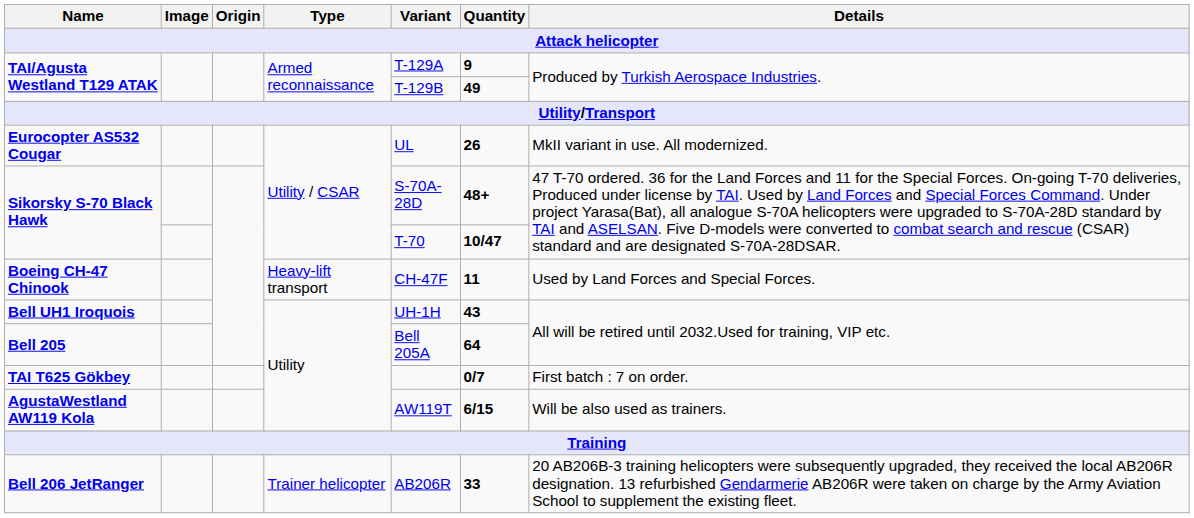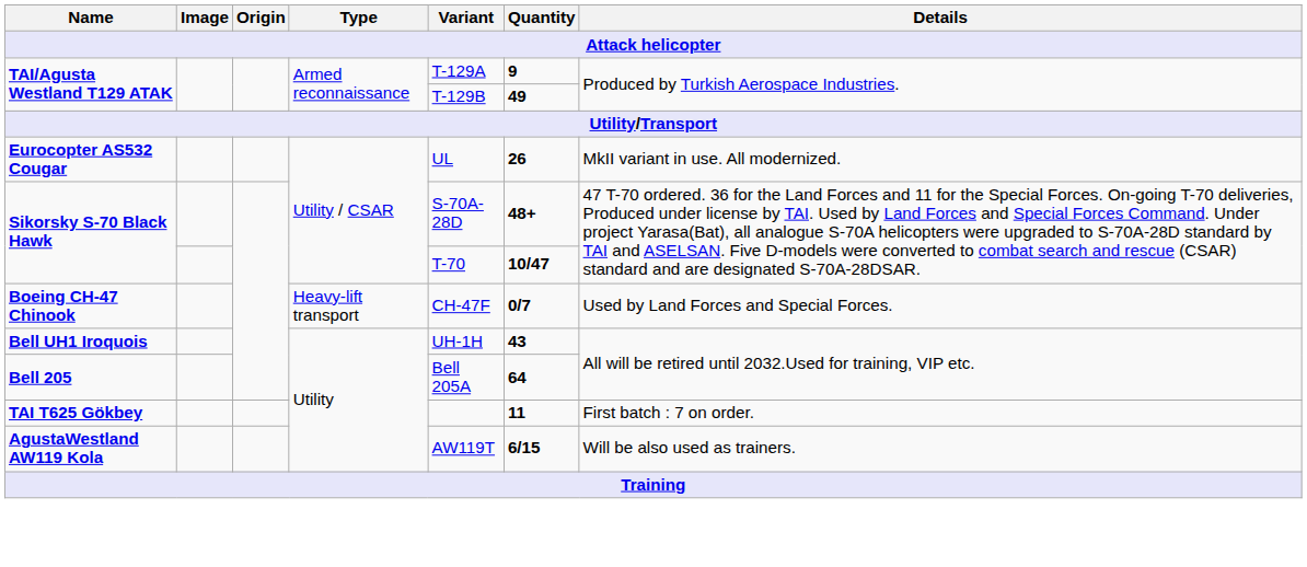 <table class="wikitable">
 <tr>
 <th>Name</th>
 <th>Image</th>
 <th>Origin</th>
 <th>Type</th>
 <th>Variant</th>
 <th>Quantity</th>
 <th>Details</th>
 </tr>
 <tr>
 <th colspan="7" style="align: center; background: lavender;"><a href='#'>Attack helicopter</a></th>
 </tr>
 <tr>
 <td rowspan="2"><a href='#'><strong>TAI/Agusta Westland T129 ATAK</strong></a></td>
 <td rowspan="2"></td>
 <td rowspan="2"><br></td>
 <td rowspan="2"><a href='#'>Armed reconnaissance</a></td>
 <td><a href='#'>T-129A</a></td>
 <td><strong>9</strong></td>
 <td rowspan="2">Produced by <a href='#'>Turkish Aerospace Industries</a>.</td>
 </tr>
 <tr>
 <td><a href='#'>T-129B</a></td>
 <td><strong>49</strong></td>
 </tr>
 <tr>
 <th colspan="7" style="align: center; background: lavender;"><a href='#'>Utility</a>/<a href='#'>Transport</a></th>
 </tr>
 <tr>
 <td><strong><a href='#'>Eurocopter AS532 Cougar</a></strong></td>
 <td></td>
 <td></td>
 <td rowspan="3"><a href='#'>Utility</a> / <a href='#'>CSAR</a></td>
 <td><a href='#'>UL</a></td>
 <td><strong>26</strong></td>
 <td>MkII variant in use. All modernized.</td>
 </tr>
 <tr>
 <td rowspan="2"><a href='#'><strong>Sikorsky S-70 Black Hawk</strong></a></td>
 <td></td>
 <td rowspan="5"><br></td>
 <td><a href='#'>S-70A-28D</a></td>
 <td><strong>48+</strong></td>
 <td rowspan="2">47 T-70 ordered. 36 for the Land Forces and 11 for the Special Forces. On-going T-70 deliveries,<br>Produced under license by <a href='#'>TAI</a>. Used by <a href='#'>Land Forces</a> and <a href='#'>Special Forces Command</a>. Under project Yarasa(Bat), all analogue S-70A helicopters were upgraded to S-70A-28D standard by <a href='#'>TAI</a> and <a href='#'>ASELSAN</a>. Five D-models were converted to <a href='#'>combat search and rescue</a> (CSAR) standard and are designated S-70A-28DSAR.</td>
 </tr>
 <tr>
 <td></td>
 <td><a href='#'>T-70</a></td>
 <td><strong>10/47</strong></td>
 </tr>
 <tr>
 <td><strong><a href='#'>Boeing CH-47 Chinook</a></strong></td>
 <td></td>
 <td><a href='#'>Heavy-lift</a> transport</td>
 <td><a href='#'>CH-47F</a></td>
-<td><strong>11</strong></td>
+<td><strong>0/7</strong></td>
 <td>Used by Land Forces and Special Forces.</td>
 </tr>
 <tr>
 <td><a href='#'><strong>Bell UH1 Iroquois</strong></a></td>
 <td></td>
 <td rowspan="4">Utility</td>
 <td><a href='#'>UH-1H</a></td>
 <td><strong>43</strong></td>
 <td rowspan="2">All will be retired until 2032.Used for training, VIP etc.</td>
 </tr>
 <tr>
 <td><strong><a href='#'>Bell 205</a></strong></td>
 <td></td>
 <td><a href='#'>Bell 205A</a></td>
 <td><strong>64</strong></td>
 </tr>
 <tr>
 <td><strong><a href='#'>TAI T625 Gökbey</a></strong></td>
 <td></td>
 <td></td>
 <td></td>
-<td><strong>0/7</strong></td>
+<td><strong>11</strong></td>
 <td>First batch : 7 on order.</td>
 </tr>
 <tr>
 <td><a href='#'><strong>AgustaWestland AW119 Kola</strong></a></td>
 <td></td>
 <td></td>
 <td><a href='#'>AW119T</a></td>
 <td><strong>6/15</strong></td>
 <td>Will be also used as trainers.</td>
 </tr>
 <tr>
 <th colspan="7" style="align: center; background: lavender;"><a href='#'>Training</a></th>
 </tr>
-<tr>
-<td><a href='#'><strong>Bell 206 JetRanger</strong></a></td>
-<td></td>
-<td></td>
-<td><a href='#'>Trainer helicopter</a></td>
-<td><a href='#'>AB206R</a></td>
-<td><strong>33</strong></td>
-<td>20 AB206B-3 training helicopters were subsequently upgraded, they received the local AB206R designation. 13 refurbished <a href='#'>Gendarmerie</a> AB206R were taken on charge by the Army Aviation School to supplement the existing fleet.</td>
-</tr>
 </table>
